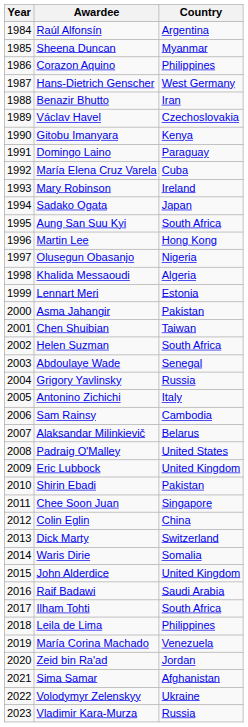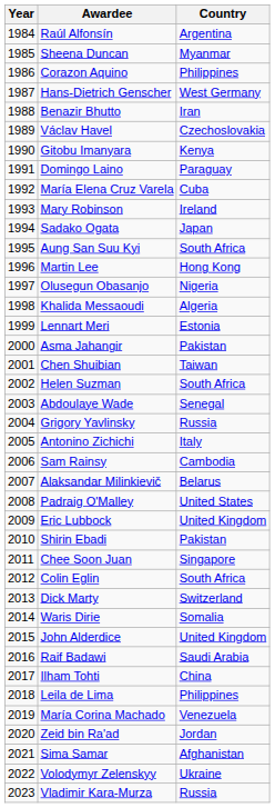 <table class="wikitable sortable">
 <tr>
 <th>Year</th>
 <th>Awardee</th>
 <th>Country</th>
 </tr>
 <tr>
 <td>1984</td>
 <td><a href='#'>Raúl Alfonsín</a></td>
 <td><a href='#'>Argentina</a></td>
 </tr>
 <tr>
 <td>1985</td>
 <td><a href='#'>Sheena Duncan</a></td>
 <td><a href='#'>Myanmar</a></td>
 </tr>
 <tr>
 <td>1986</td>
 <td><a href='#'>Corazon Aquino</a></td>
 <td><a href='#'>Philippines</a></td>
 </tr>
 <tr>
 <td>1987</td>
 <td><a href='#'>Hans-Dietrich Genscher</a></td>
 <td><a href='#'>West Germany</a></td>
 </tr>
 <tr>
 <td>1988</td>
 <td><a href='#'>Benazir Bhutto</a></td>
 <td><a href='#'>Iran</a></td>
 </tr>
 <tr>
 <td>1989</td>
 <td><a href='#'>Václav Havel</a></td>
 <td><a href='#'>Czechoslovakia</a></td>
 </tr>
 <tr>
 <td>1990</td>
 <td><a href='#'>Gitobu Imanyara</a></td>
 <td><a href='#'>Kenya</a></td>
 </tr>
 <tr>
 <td>1991</td>
 <td><a href='#'>Domingo Laino</a></td>
 <td><a href='#'>Paraguay</a></td>
 </tr>
 <tr>
 <td>1992</td>
 <td><a href='#'>María Elena Cruz Varela</a></td>
 <td><a href='#'>Cuba</a></td>
 </tr>
 <tr>
 <td>1993</td>
 <td><a href='#'>Mary Robinson</a></td>
 <td><a href='#'>Ireland</a></td>
 </tr>
 <tr>
 <td>1994</td>
 <td><a href='#'>Sadako Ogata</a></td>
 <td><a href='#'>Japan</a></td>
 </tr>
 <tr>
 <td>1995</td>
 <td><a href='#'>Aung San Suu Kyi</a></td>
 <td><a href='#'>South Africa</a></td>
 </tr>
 <tr>
 <td>1996</td>
 <td><a href='#'>Martin Lee</a></td>
 <td><a href='#'>Hong Kong</a></td>
 </tr>
 <tr>
 <td>1997</td>
 <td><a href='#'>Olusegun Obasanjo</a></td>
 <td><a href='#'>Nigeria</a></td>
 </tr>
 <tr>
 <td>1998</td>
 <td><a href='#'>Khalida Messaoudi</a></td>
 <td><a href='#'>Algeria</a></td>
 </tr>
 <tr>
 <td>1999</td>
 <td><a href='#'>Lennart Meri</a></td>
 <td><a href='#'>Estonia</a></td>
 </tr>
 <tr>
 <td>2000</td>
 <td><a href='#'>Asma Jahangir</a></td>
 <td><a href='#'>Pakistan</a></td>
 </tr>
 <tr>
 <td>2001</td>
 <td><a href='#'>Chen Shuibian</a></td>
 <td><a href='#'>Taiwan</a></td>
 </tr>
 <tr>
 <td>2002</td>
 <td><a href='#'>Helen Suzman</a></td>
 <td><a href='#'>South Africa</a></td>
 </tr>
 <tr>
 <td>2003</td>
 <td><a href='#'>Abdoulaye Wade</a></td>
 <td><a href='#'>Senegal</a></td>
 </tr>
 <tr>
 <td>2004</td>
 <td><a href='#'>Grigory Yavlinsky</a></td>
 <td><a href='#'>Russia</a></td>
 </tr>
 <tr>
 <td>2005</td>
 <td><a href='#'>Antonino Zichichi</a></td>
 <td><a href='#'>Italy</a></td>
 </tr>
 <tr>
 <td>2006</td>
 <td><a href='#'>Sam Rainsy</a></td>
 <td><a href='#'>Cambodia</a></td>
 </tr>
 <tr>
 <td>2007</td>
 <td><a href='#'>Alaksandar Milinkievič</a></td>
 <td><a href='#'>Belarus</a></td>
 </tr>
 <tr>
 <td>2008</td>
 <td><a href='#'>Padraig O'Malley</a></td>
 <td><a href='#'>United States</a></td>
 </tr>
 <tr>
 <td>2009</td>
 <td><a href='#'>Eric Lubbock</a></td>
 <td><a href='#'>United Kingdom</a></td>
 </tr>
 <tr>
 <td>2010</td>
 <td><a href='#'>Shirin Ebadi</a></td>
 <td><a href='#'>Pakistan</a></td>
 </tr>
 <tr>
 <td>2011</td>
 <td><a href='#'>Chee Soon Juan</a></td>
 <td><a href='#'>Singapore</a></td>
 </tr>
 <tr>
 <td>2012</td>
 <td><a href='#'>Colin Eglin</a></td>
-<td><a href='#'>China</a></td>
+<td><a href='#'>South Africa</a></td>
 </tr>
 <tr>
 <td>2013</td>
 <td><a href='#'>Dick Marty</a></td>
 <td><a href='#'>Switzerland</a></td>
 </tr>
 <tr>
 <td>2014</td>
 <td><a href='#'>Waris Dirie</a></td>
 <td><a href='#'>Somalia</a></td>
 </tr>
 <tr>
 <td>2015</td>
 <td><a href='#'>John Alderdice</a></td>
 <td><a href='#'>United Kingdom</a></td>
 </tr>
 <tr>
 <td>2016</td>
 <td><a href='#'>Raif Badawi</a></td>
 <td><a href='#'>Saudi Arabia</a></td>
 </tr>
 <tr>
 <td>2017</td>
 <td><a href='#'>Ilham Tohti</a></td>
-<td><a href='#'>South Africa</a></td>
+<td><a href='#'>China</a></td>
 </tr>
 <tr>
 <td>2018</td>
 <td><a href='#'>Leila de Lima</a></td>
 <td><a href='#'>Philippines</a></td>
 </tr>
 <tr>
 <td>2019</td>
 <td><a href='#'>María Corina Machado</a></td>
 <td><a href='#'>Venezuela</a></td>
 </tr>
 <tr>
 <td>2020</td>
 <td><a href='#'>Zeid bin Ra'ad</a></td>
 <td><a href='#'>Jordan</a></td>
 </tr>
 <tr>
 <td>2021</td>
 <td><a href='#'>Sima Samar</a></td>
 <td><a href='#'>Afghanistan</a></td>
 </tr>
 <tr>
 <td>2022</td>
 <td><a href='#'>Volodymyr Zelenskyy</a></td>
 <td><a href='#'>Ukraine</a></td>
 </tr>
 <tr>
 <td>2023</td>
 <td><a href='#'>Vladimir Kara-Murza</a></td>
 <td><a href='#'>Russia</a></td>
 </tr>
 </table>
